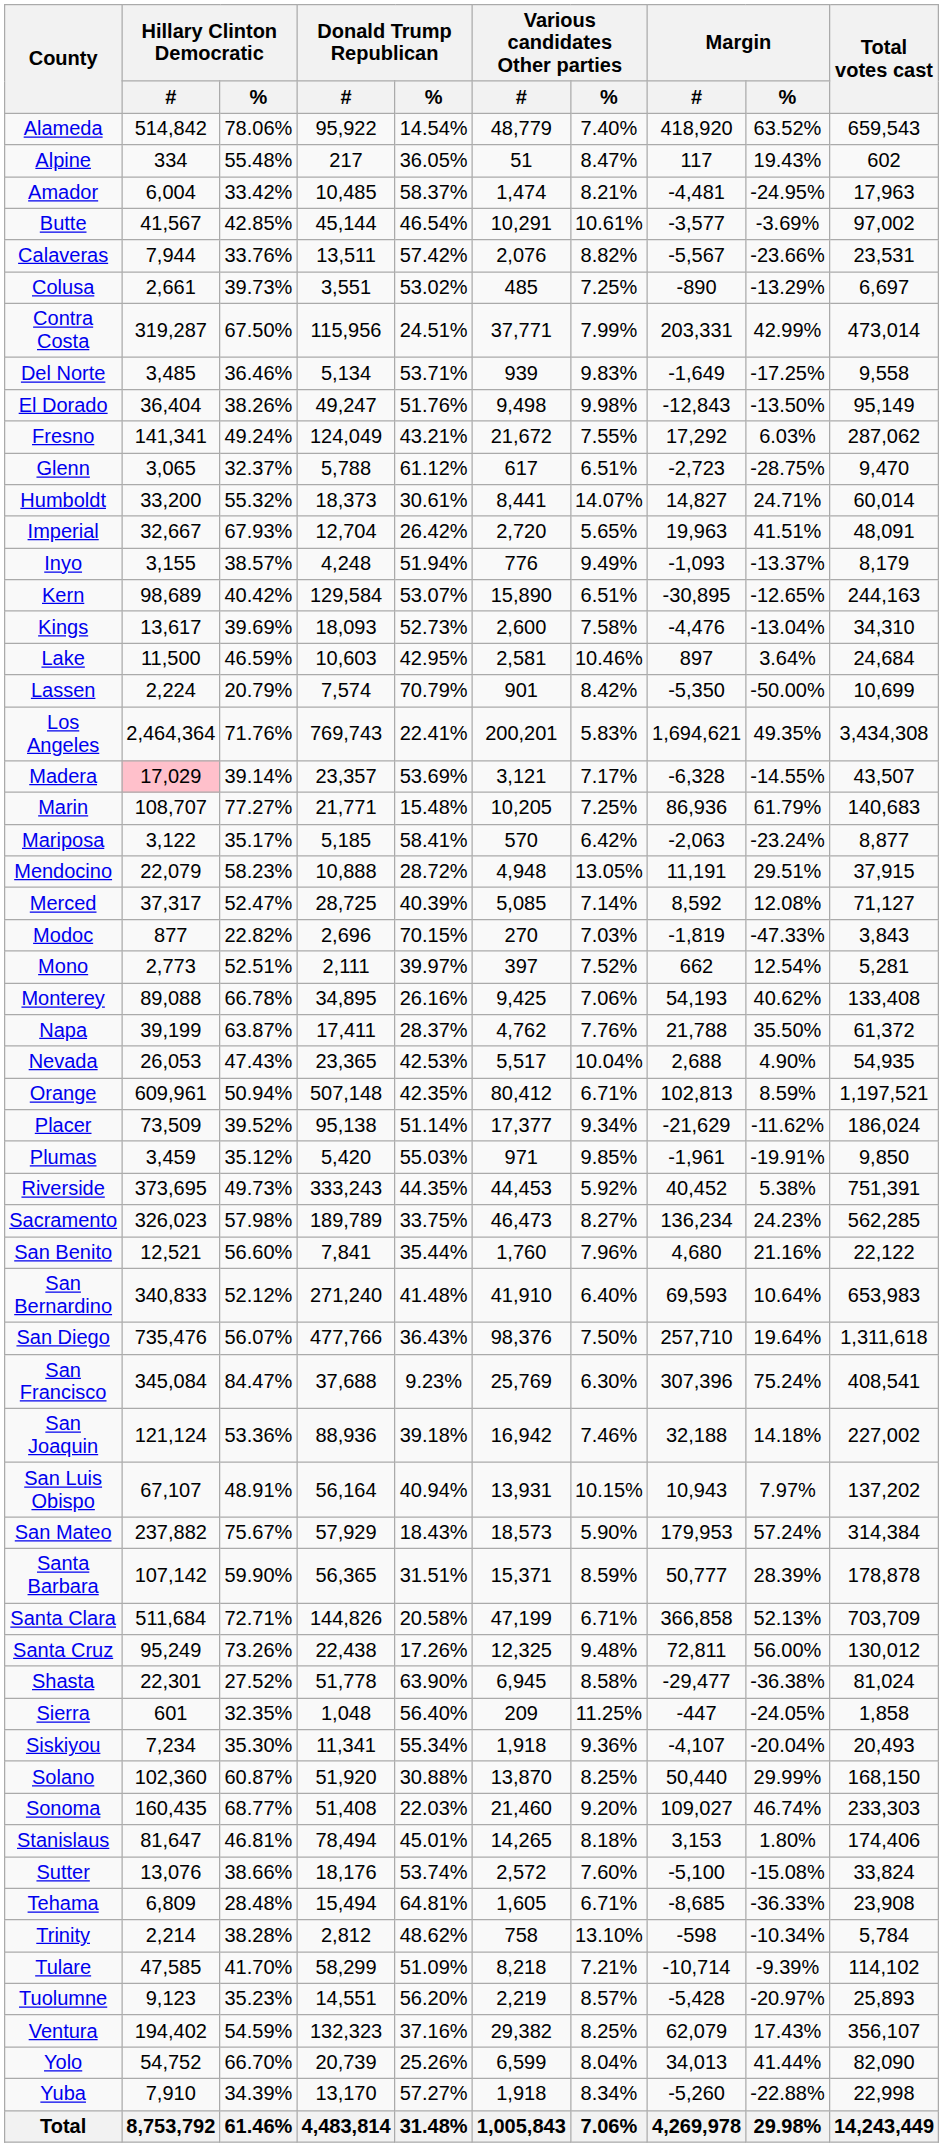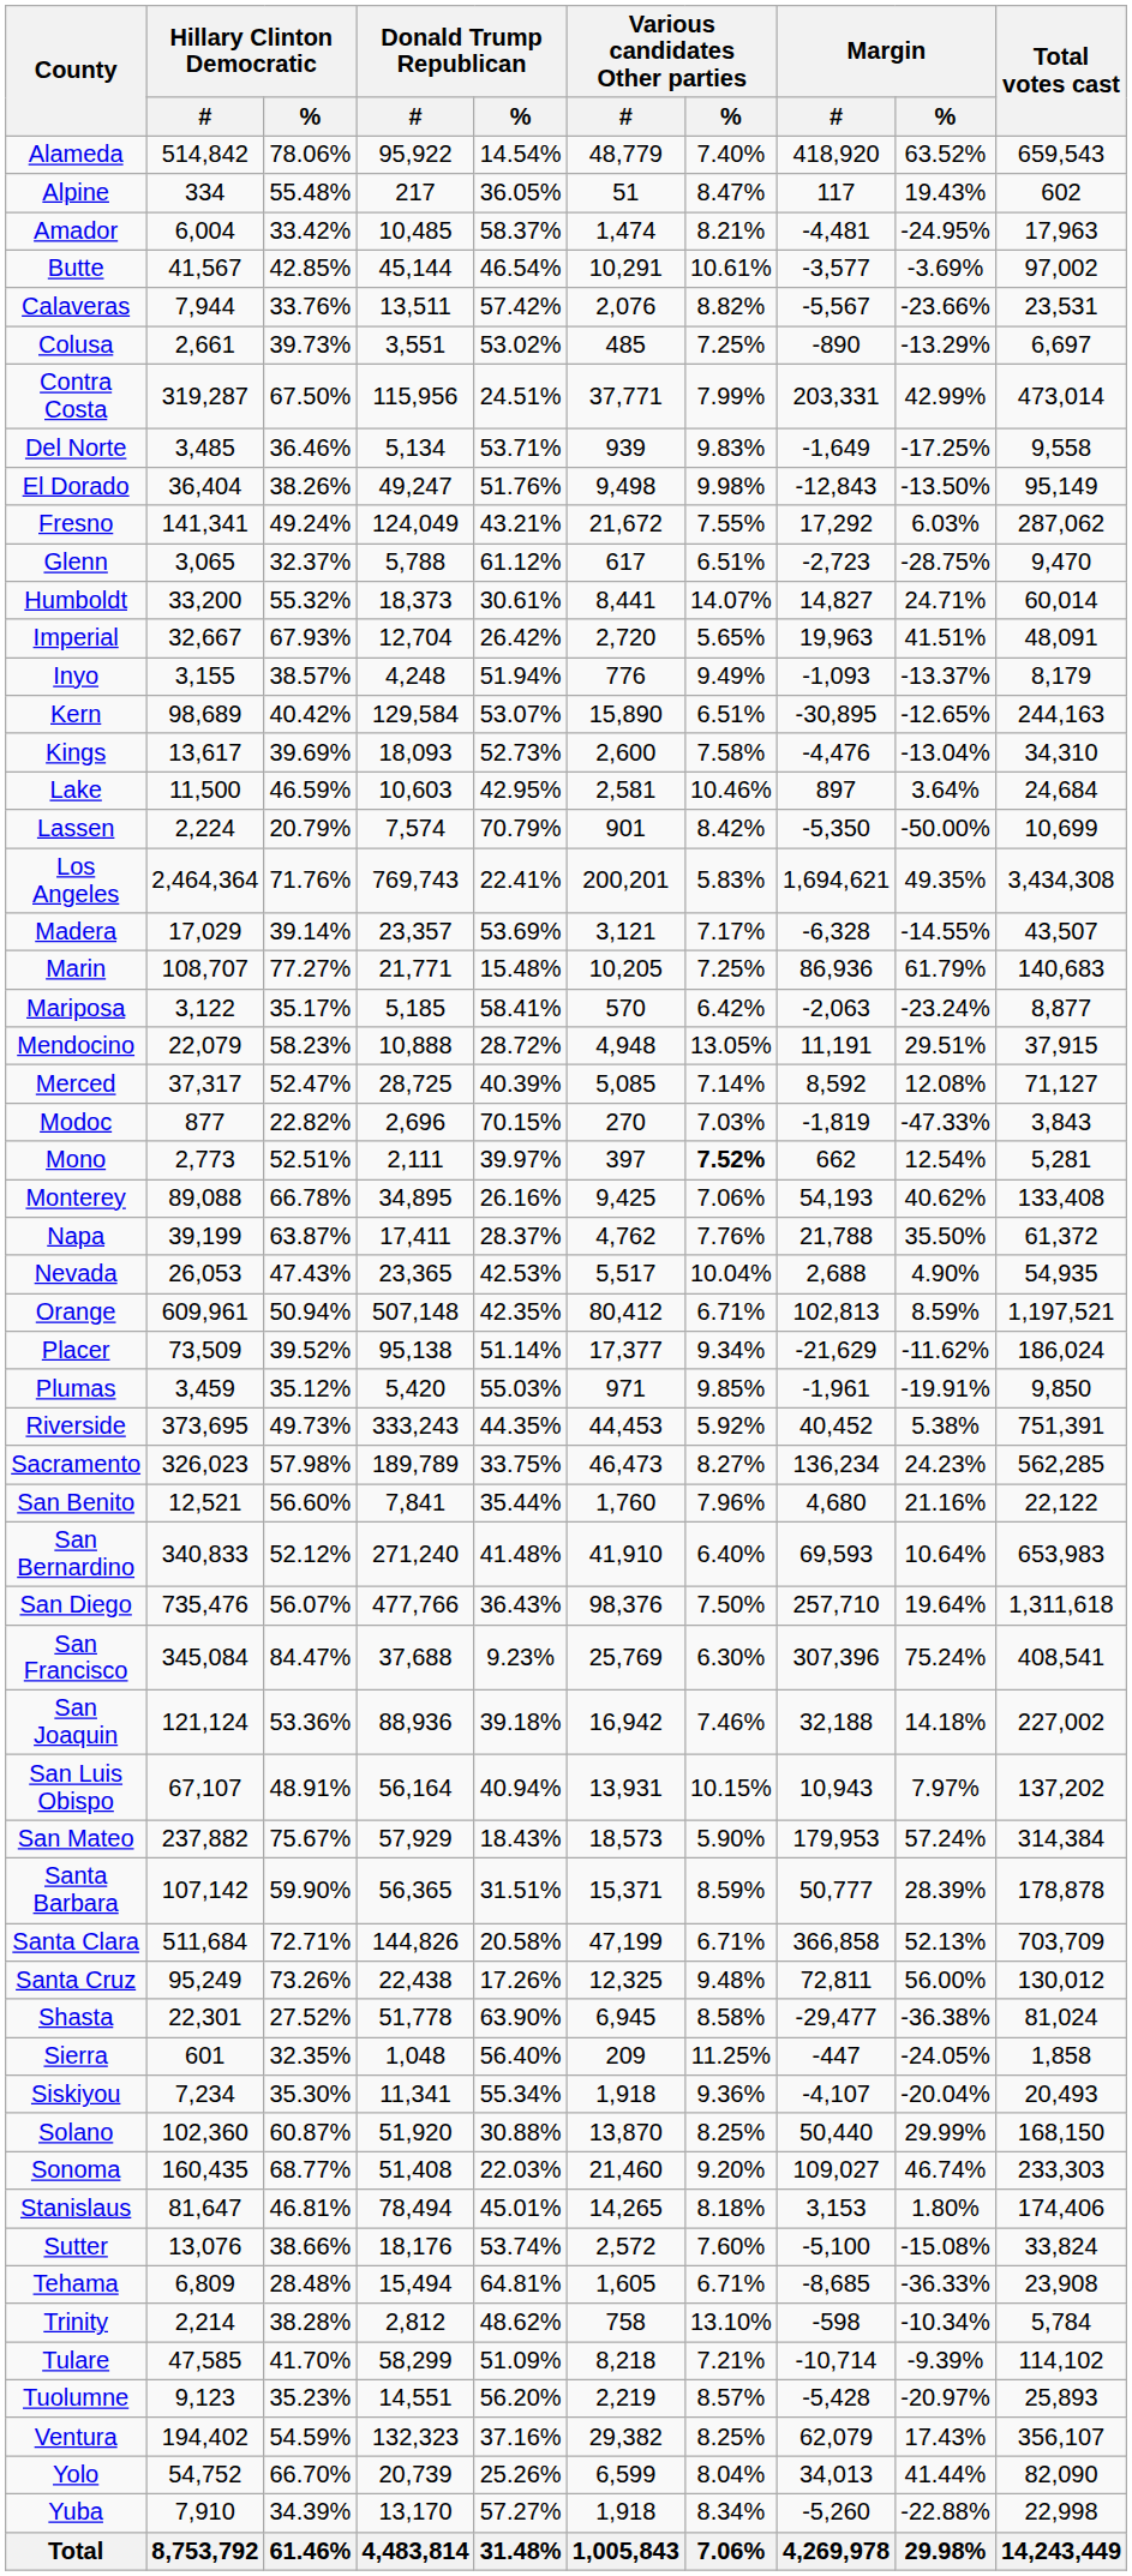 <table width="60%"  class="wikitable sortable" style="text-align:center">
 <tr>
 <th style="text-align:center;" rowspan="2">County</th>
 <th style="text-align:center;" colspan="2">Hillary Clinton<br>Democratic</th>
 <th style="text-align:center;" colspan="2">Donald Trump<br>Republican</th>
 <th style="text-align:center;" colspan="2">Various candidates<br>Other parties</th>
 <th style="text-align:center;" colspan="2">Margin</th>
 <th style="text-align:center;" rowspan="2">Total votes cast</th>
 </tr>
 <tr>
 <th style="text-align:center;" data-sort-type="number">#</th>
 <th style="text-align:center;" data-sort-type="number">%</th>
 <th style="text-align:center;" data-sort-type="number">#</th>
 <th style="text-align:center;" data-sort-type="number">%</th>
 <th style="text-align:center;" data-sort-type="number">#</th>
 <th style="text-align:center;" data-sort-type="number">%</th>
 <th style="text-align:center;" data-sort-type="number">#</th>
 <th style="text-align:center;" data-sort-type="number">%</th>
 </tr>
 <tr style="text-align:center;">
 <td><a href='#'>Alameda</a></td>
 <td>514,842</td>
 <td>78.06%</td>
 <td>95,922</td>
 <td>14.54%</td>
 <td>48,779</td>
 <td>7.40%</td>
 <td>418,920</td>
 <td>63.52%</td>
 <td>659,543</td>
 </tr>
 <tr style="text-align:center;">
 <td><a href='#'>Alpine</a></td>
 <td>334</td>
 <td>55.48%</td>
 <td>217</td>
 <td>36.05%</td>
 <td>51</td>
 <td>8.47%</td>
 <td>117</td>
 <td>19.43%</td>
 <td>602</td>
 </tr>
 <tr style="text-align:center;">
 <td><a href='#'>Amador</a></td>
 <td>6,004</td>
 <td>33.42%</td>
 <td>10,485</td>
 <td>58.37%</td>
 <td>1,474</td>
 <td>8.21%</td>
 <td>-4,481</td>
 <td>-24.95%</td>
 <td>17,963</td>
 </tr>
 <tr style="text-align:center;">
 <td><a href='#'>Butte</a></td>
 <td>41,567</td>
 <td>42.85%</td>
 <td>45,144</td>
 <td>46.54%</td>
 <td>10,291</td>
 <td>10.61%</td>
 <td>-3,577</td>
 <td>-3.69%</td>
 <td>97,002</td>
 </tr>
 <tr style="text-align:center;">
 <td><a href='#'>Calaveras</a></td>
 <td>7,944</td>
 <td>33.76%</td>
 <td>13,511</td>
 <td>57.42%</td>
 <td>2,076</td>
 <td>8.82%</td>
 <td>-5,567</td>
 <td>-23.66%</td>
 <td>23,531</td>
 </tr>
 <tr style="text-align:center;">
 <td><a href='#'>Colusa</a></td>
 <td>2,661</td>
 <td>39.73%</td>
 <td>3,551</td>
 <td>53.02%</td>
 <td>485</td>
 <td>7.25%</td>
 <td>-890</td>
 <td>-13.29%</td>
 <td>6,697</td>
 </tr>
 <tr style="text-align:center;">
 <td><a href='#'>Contra Costa</a></td>
 <td>319,287</td>
 <td>67.50%</td>
 <td>115,956</td>
 <td>24.51%</td>
 <td>37,771</td>
 <td>7.99%</td>
 <td>203,331</td>
 <td>42.99%</td>
 <td>473,014</td>
 </tr>
 <tr style="text-align:center;">
 <td><a href='#'>Del Norte</a></td>
 <td>3,485</td>
 <td>36.46%</td>
 <td>5,134</td>
 <td>53.71%</td>
 <td>939</td>
 <td>9.83%</td>
 <td>-1,649</td>
 <td>-17.25%</td>
 <td>9,558</td>
 </tr>
 <tr style="text-align:center;">
 <td><a href='#'>El Dorado</a></td>
 <td>36,404</td>
 <td>38.26%</td>
 <td>49,247</td>
 <td>51.76%</td>
 <td>9,498</td>
 <td>9.98%</td>
 <td>-12,843</td>
 <td>-13.50%</td>
 <td>95,149</td>
 </tr>
 <tr style="text-align:center;">
 <td><a href='#'>Fresno</a></td>
 <td>141,341</td>
 <td>49.24%</td>
 <td>124,049</td>
 <td>43.21%</td>
 <td>21,672</td>
 <td>7.55%</td>
 <td>17,292</td>
 <td>6.03%</td>
 <td>287,062</td>
 </tr>
 <tr style="text-align:center;">
 <td><a href='#'>Glenn</a></td>
 <td>3,065</td>
 <td>32.37%</td>
 <td>5,788</td>
 <td>61.12%</td>
 <td>617</td>
 <td>6.51%</td>
 <td>-2,723</td>
 <td>-28.75%</td>
 <td>9,470</td>
 </tr>
 <tr style="text-align:center;">
 <td><a href='#'>Humboldt</a></td>
 <td>33,200</td>
 <td>55.32%</td>
 <td>18,373</td>
 <td>30.61%</td>
 <td>8,441</td>
 <td>14.07%</td>
 <td>14,827</td>
 <td>24.71%</td>
 <td>60,014</td>
 </tr>
 <tr style="text-align:center;">
 <td><a href='#'>Imperial</a></td>
 <td>32,667</td>
 <td>67.93%</td>
 <td>12,704</td>
 <td>26.42%</td>
 <td>2,720</td>
 <td>5.65%</td>
 <td>19,963</td>
 <td>41.51%</td>
 <td>48,091</td>
 </tr>
 <tr style="text-align:center;">
 <td><a href='#'>Inyo</a></td>
 <td>3,155</td>
 <td>38.57%</td>
 <td>4,248</td>
 <td>51.94%</td>
 <td>776</td>
 <td>9.49%</td>
 <td>-1,093</td>
 <td>-13.37%</td>
 <td>8,179</td>
 </tr>
 <tr style="text-align:center;">
 <td><a href='#'>Kern</a></td>
 <td>98,689</td>
 <td>40.42%</td>
 <td>129,584</td>
 <td>53.07%</td>
 <td>15,890</td>
 <td>6.51%</td>
 <td>-30,895</td>
 <td>-12.65%</td>
 <td>244,163</td>
 </tr>
 <tr style="text-align:center;">
 <td><a href='#'>Kings</a></td>
 <td>13,617</td>
 <td>39.69%</td>
 <td>18,093</td>
 <td>52.73%</td>
 <td>2,600</td>
 <td>7.58%</td>
 <td>-4,476</td>
 <td>-13.04%</td>
 <td>34,310</td>
 </tr>
 <tr style="text-align:center;">
 <td><a href='#'>Lake</a></td>
 <td>11,500</td>
 <td>46.59%</td>
 <td>10,603</td>
 <td>42.95%</td>
 <td>2,581</td>
 <td>10.46%</td>
 <td>897</td>
 <td>3.64%</td>
 <td>24,684</td>
 </tr>
 <tr style="text-align:center;">
 <td><a href='#'>Lassen</a></td>
 <td>2,224</td>
 <td>20.79%</td>
 <td>7,574</td>
 <td>70.79%</td>
 <td>901</td>
 <td>8.42%</td>
 <td>-5,350</td>
 <td>-50.00%</td>
 <td>10,699</td>
 </tr>
 <tr style="text-align:center;">
 <td><a href='#'>Los Angeles</a></td>
 <td>2,464,364</td>
 <td>71.76%</td>
 <td>769,743</td>
 <td>22.41%</td>
 <td>200,201</td>
 <td>5.83%</td>
 <td>1,694,621</td>
 <td>49.35%</td>
 <td>3,434,308</td>
 </tr>
 <tr style="text-align:center;">
 <td><a href='#'>Madera</a></td>
-<td style="background: pink;">17,029</td>
+<td>17,029</td>
 <td>39.14%</td>
 <td>23,357</td>
 <td>53.69%</td>
 <td>3,121</td>
 <td>7.17%</td>
 <td>-6,328</td>
 <td>-14.55%</td>
 <td>43,507</td>
 </tr>
 <tr style="text-align:center;">
 <td><a href='#'>Marin</a></td>
 <td>108,707</td>
 <td>77.27%</td>
 <td>21,771</td>
 <td>15.48%</td>
 <td>10,205</td>
 <td>7.25%</td>
 <td>86,936</td>
 <td>61.79%</td>
 <td>140,683</td>
 </tr>
 <tr style="text-align:center;">
 <td><a href='#'>Mariposa</a></td>
 <td>3,122</td>
 <td>35.17%</td>
 <td>5,185</td>
 <td>58.41%</td>
 <td>570</td>
 <td>6.42%</td>
 <td>-2,063</td>
 <td>-23.24%</td>
 <td>8,877</td>
 </tr>
 <tr style="text-align:center;">
 <td><a href='#'>Mendocino</a></td>
 <td>22,079</td>
 <td>58.23%</td>
 <td>10,888</td>
 <td>28.72%</td>
 <td>4,948</td>
 <td>13.05%</td>
 <td>11,191</td>
 <td>29.51%</td>
 <td>37,915</td>
 </tr>
 <tr style="text-align:center;">
 <td><a href='#'>Merced</a></td>
 <td>37,317</td>
 <td>52.47%</td>
 <td>28,725</td>
 <td>40.39%</td>
 <td>5,085</td>
 <td>7.14%</td>
 <td>8,592</td>
 <td>12.08%</td>
 <td>71,127</td>
 </tr>
 <tr style="text-align:center;">
 <td><a href='#'>Modoc</a></td>
 <td>877</td>
 <td>22.82%</td>
 <td>2,696</td>
 <td>70.15%</td>
 <td>270</td>
 <td>7.03%</td>
 <td>-1,819</td>
 <td>-47.33%</td>
 <td>3,843</td>
 </tr>
 <tr style="text-align:center;">
 <td><a href='#'>Mono</a></td>
 <td>2,773</td>
 <td>52.51%</td>
 <td>2,111</td>
 <td>39.97%</td>
 <td>397</td>
-<td>7.52%</td>
+<td><strong>7.52%</strong></td>
 <td>662</td>
 <td>12.54%</td>
 <td>5,281</td>
 </tr>
 <tr style="text-align:center;">
 <td><a href='#'>Monterey</a></td>
 <td>89,088</td>
 <td>66.78%</td>
 <td>34,895</td>
 <td>26.16%</td>
 <td>9,425</td>
 <td>7.06%</td>
 <td>54,193</td>
 <td>40.62%</td>
 <td>133,408</td>
 </tr>
 <tr style="text-align:center;">
 <td><a href='#'>Napa</a></td>
 <td>39,199</td>
 <td>63.87%</td>
 <td>17,411</td>
 <td>28.37%</td>
 <td>4,762</td>
 <td>7.76%</td>
 <td>21,788</td>
 <td>35.50%</td>
 <td>61,372</td>
 </tr>
 <tr style="text-align:center;">
 <td><a href='#'>Nevada</a></td>
 <td>26,053</td>
 <td>47.43%</td>
 <td>23,365</td>
 <td>42.53%</td>
 <td>5,517</td>
 <td>10.04%</td>
 <td>2,688</td>
 <td>4.90%</td>
 <td>54,935</td>
 </tr>
 <tr style="text-align:center;">
 <td><a href='#'>Orange</a></td>
 <td>609,961</td>
 <td>50.94%</td>
 <td>507,148</td>
 <td>42.35%</td>
 <td>80,412</td>
 <td>6.71%</td>
 <td>102,813</td>
 <td>8.59%</td>
 <td>1,197,521</td>
 </tr>
 <tr style="text-align:center;">
 <td><a href='#'>Placer</a></td>
 <td>73,509</td>
 <td>39.52%</td>
 <td>95,138</td>
 <td>51.14%</td>
 <td>17,377</td>
 <td>9.34%</td>
 <td>-21,629</td>
 <td>-11.62%</td>
 <td>186,024</td>
 </tr>
 <tr style="text-align:center;">
 <td><a href='#'>Plumas</a></td>
 <td>3,459</td>
 <td>35.12%</td>
 <td>5,420</td>
 <td>55.03%</td>
 <td>971</td>
 <td>9.85%</td>
 <td>-1,961</td>
 <td>-19.91%</td>
 <td>9,850</td>
 </tr>
 <tr style="text-align:center;">
 <td><a href='#'>Riverside</a></td>
 <td>373,695</td>
 <td>49.73%</td>
 <td>333,243</td>
 <td>44.35%</td>
 <td>44,453</td>
 <td>5.92%</td>
 <td>40,452</td>
 <td>5.38%</td>
 <td>751,391</td>
 </tr>
 <tr style="text-align:center;">
 <td><a href='#'>Sacramento</a></td>
 <td>326,023</td>
 <td>57.98%</td>
 <td>189,789</td>
 <td>33.75%</td>
 <td>46,473</td>
 <td>8.27%</td>
 <td>136,234</td>
 <td>24.23%</td>
 <td>562,285</td>
 </tr>
 <tr style="text-align:center;">
 <td><a href='#'>San Benito</a></td>
 <td>12,521</td>
 <td>56.60%</td>
 <td>7,841</td>
 <td>35.44%</td>
 <td>1,760</td>
 <td>7.96%</td>
 <td>4,680</td>
 <td>21.16%</td>
 <td>22,122</td>
 </tr>
 <tr style="text-align:center;">
 <td><a href='#'>San Bernardino</a></td>
 <td>340,833</td>
 <td>52.12%</td>
 <td>271,240</td>
 <td>41.48%</td>
 <td>41,910</td>
 <td>6.40%</td>
 <td>69,593</td>
 <td>10.64%</td>
 <td>653,983</td>
 </tr>
 <tr style="text-align:center;">
 <td><a href='#'>San Diego</a></td>
 <td>735,476</td>
 <td>56.07%</td>
 <td>477,766</td>
 <td>36.43%</td>
 <td>98,376</td>
 <td>7.50%</td>
 <td>257,710</td>
 <td>19.64%</td>
 <td>1,311,618</td>
 </tr>
 <tr style="text-align:center;">
 <td><a href='#'>San Francisco</a></td>
 <td>345,084</td>
 <td>84.47%</td>
 <td>37,688</td>
 <td>9.23%</td>
 <td>25,769</td>
 <td>6.30%</td>
 <td>307,396</td>
 <td>75.24%</td>
 <td>408,541</td>
 </tr>
 <tr style="text-align:center;">
 <td><a href='#'>San Joaquin</a></td>
 <td>121,124</td>
 <td>53.36%</td>
 <td>88,936</td>
 <td>39.18%</td>
 <td>16,942</td>
 <td>7.46%</td>
 <td>32,188</td>
 <td>14.18%</td>
 <td>227,002</td>
 </tr>
 <tr style="text-align:center;">
 <td><a href='#'>San Luis Obispo</a></td>
 <td>67,107</td>
 <td>48.91%</td>
 <td>56,164</td>
 <td>40.94%</td>
 <td>13,931</td>
 <td>10.15%</td>
 <td>10,943</td>
 <td>7.97%</td>
 <td>137,202</td>
 </tr>
 <tr style="text-align:center;">
 <td><a href='#'>San Mateo</a></td>
 <td>237,882</td>
 <td>75.67%</td>
 <td>57,929</td>
 <td>18.43%</td>
 <td>18,573</td>
 <td>5.90%</td>
 <td>179,953</td>
 <td>57.24%</td>
 <td>314,384</td>
 </tr>
 <tr style="text-align:center;">
 <td><a href='#'>Santa Barbara</a></td>
 <td>107,142</td>
 <td>59.90%</td>
 <td>56,365</td>
 <td>31.51%</td>
 <td>15,371</td>
 <td>8.59%</td>
 <td>50,777</td>
 <td>28.39%</td>
 <td>178,878</td>
 </tr>
 <tr style="text-align:center;">
 <td><a href='#'>Santa Clara</a></td>
 <td>511,684</td>
 <td>72.71%</td>
 <td>144,826</td>
 <td>20.58%</td>
 <td>47,199</td>
 <td>6.71%</td>
 <td>366,858</td>
 <td>52.13%</td>
 <td>703,709</td>
 </tr>
 <tr style="text-align:center;">
 <td><a href='#'>Santa Cruz</a></td>
 <td>95,249</td>
 <td>73.26%</td>
 <td>22,438</td>
 <td>17.26%</td>
 <td>12,325</td>
 <td>9.48%</td>
 <td>72,811</td>
 <td>56.00%</td>
 <td>130,012</td>
 </tr>
 <tr style="text-align:center;">
 <td><a href='#'>Shasta</a></td>
 <td>22,301</td>
 <td>27.52%</td>
 <td>51,778</td>
 <td>63.90%</td>
 <td>6,945</td>
 <td>8.58%</td>
 <td>-29,477</td>
 <td>-36.38%</td>
 <td>81,024</td>
 </tr>
 <tr style="text-align:center;">
 <td><a href='#'>Sierra</a></td>
 <td>601</td>
 <td>32.35%</td>
 <td>1,048</td>
 <td>56.40%</td>
 <td>209</td>
 <td>11.25%</td>
 <td>-447</td>
 <td>-24.05%</td>
 <td>1,858</td>
 </tr>
 <tr style="text-align:center;">
 <td><a href='#'>Siskiyou</a></td>
 <td>7,234</td>
 <td>35.30%</td>
 <td>11,341</td>
 <td>55.34%</td>
 <td>1,918</td>
 <td>9.36%</td>
 <td>-4,107</td>
 <td>-20.04%</td>
 <td>20,493</td>
 </tr>
 <tr style="text-align:center;">
 <td><a href='#'>Solano</a></td>
 <td>102,360</td>
 <td>60.87%</td>
 <td>51,920</td>
 <td>30.88%</td>
 <td>13,870</td>
 <td>8.25%</td>
 <td>50,440</td>
 <td>29.99%</td>
 <td>168,150</td>
 </tr>
 <tr style="text-align:center;">
 <td><a href='#'>Sonoma</a></td>
 <td>160,435</td>
 <td>68.77%</td>
 <td>51,408</td>
 <td>22.03%</td>
 <td>21,460</td>
 <td>9.20%</td>
 <td>109,027</td>
 <td>46.74%</td>
 <td>233,303</td>
 </tr>
 <tr style="text-align:center;">
 <td><a href='#'>Stanislaus</a></td>
 <td>81,647</td>
 <td>46.81%</td>
 <td>78,494</td>
 <td>45.01%</td>
 <td>14,265</td>
 <td>8.18%</td>
 <td>3,153</td>
 <td>1.80%</td>
 <td>174,406</td>
 </tr>
 <tr style="text-align:center;">
 <td><a href='#'>Sutter</a></td>
 <td>13,076</td>
 <td>38.66%</td>
 <td>18,176</td>
 <td>53.74%</td>
 <td>2,572</td>
 <td>7.60%</td>
 <td>-5,100</td>
 <td>-15.08%</td>
 <td>33,824</td>
 </tr>
 <tr style="text-align:center;">
 <td><a href='#'>Tehama</a></td>
 <td>6,809</td>
 <td>28.48%</td>
 <td>15,494</td>
 <td>64.81%</td>
 <td>1,605</td>
 <td>6.71%</td>
 <td>-8,685</td>
 <td>-36.33%</td>
 <td>23,908</td>
 </tr>
 <tr style="text-align:center;">
 <td><a href='#'>Trinity</a></td>
 <td>2,214</td>
 <td>38.28%</td>
 <td>2,812</td>
 <td>48.62%</td>
 <td>758</td>
 <td>13.10%</td>
 <td>-598</td>
 <td>-10.34%</td>
 <td>5,784</td>
 </tr>
 <tr style="text-align:center;">
 <td><a href='#'>Tulare</a></td>
 <td>47,585</td>
 <td>41.70%</td>
 <td>58,299</td>
 <td>51.09%</td>
 <td>8,218</td>
 <td>7.21%</td>
 <td>-10,714</td>
 <td>-9.39%</td>
 <td>114,102</td>
 </tr>
 <tr style="text-align:center;">
 <td><a href='#'>Tuolumne</a></td>
 <td>9,123</td>
 <td>35.23%</td>
 <td>14,551</td>
 <td>56.20%</td>
 <td>2,219</td>
 <td>8.57%</td>
 <td>-5,428</td>
 <td>-20.97%</td>
 <td>25,893</td>
 </tr>
 <tr style="text-align:center;">
 <td><a href='#'>Ventura</a></td>
 <td>194,402</td>
 <td>54.59%</td>
 <td>132,323</td>
 <td>37.16%</td>
 <td>29,382</td>
 <td>8.25%</td>
 <td>62,079</td>
 <td>17.43%</td>
 <td>356,107</td>
 </tr>
 <tr style="text-align:center;">
 <td><a href='#'>Yolo</a></td>
 <td>54,752</td>
 <td>66.70%</td>
 <td>20,739</td>
 <td>25.26%</td>
 <td>6,599</td>
 <td>8.04%</td>
 <td>34,013</td>
 <td>41.44%</td>
 <td>82,090</td>
 </tr>
 <tr style="text-align:center;">
 <td><a href='#'>Yuba</a></td>
 <td>7,910</td>
 <td>34.39%</td>
 <td>13,170</td>
 <td>57.27%</td>
 <td>1,918</td>
 <td>8.34%</td>
 <td>-5,260</td>
 <td>-22.88%</td>
 <td>22,998</td>
 </tr>
 <tr>
 <th>Total</th>
 <th>8,753,792</th>
 <th>61.46%</th>
 <th>4,483,814</th>
 <th>31.48%</th>
 <th>1,005,843</th>
 <th>7.06%</th>
 <th>4,269,978</th>
 <th>29.98%</th>
 <th>14,243,449</th>
 </tr>
 </table>
